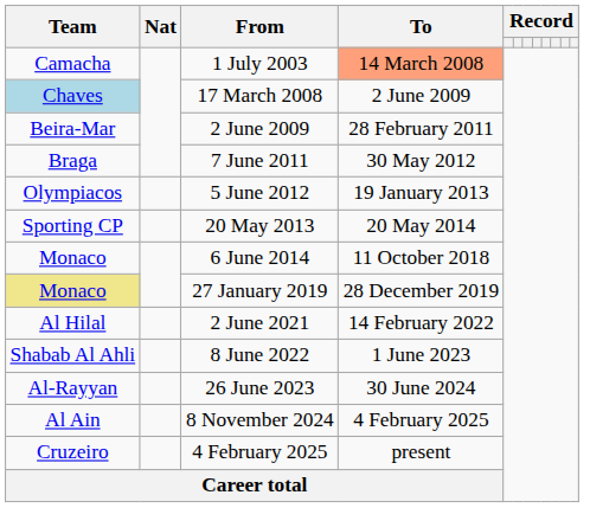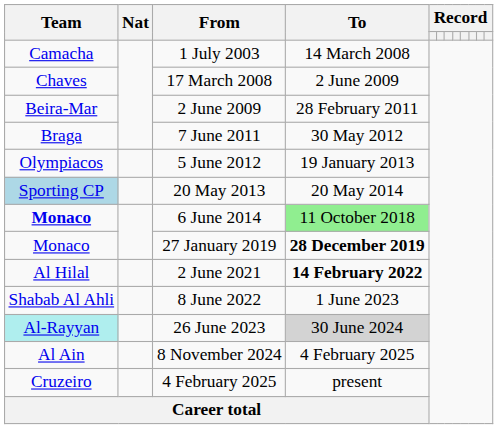 <table class="wikitable" style="text-align: center">
 <tr>
 <th rowspan=2>Team</th>
 <th rowspan=2>Nat</th>
 <th rowspan=2>From</th>
 <th rowspan=2>To</th>
 <th colspan=8>Record</th>
 </tr>
 <tr>
 <th></th>
 <th></th>
 <th></th>
 <th></th>
 <th></th>
 <th></th>
 <th></th>
 <th></th>
 </tr>
 <tr>
 <td><a href='#'>Camacha</a></td>
 <td rowspan="4"></td>
 <td>1 July 2003</td>
-<td style="background: lightsalmon;">14 March 2008<br></td>
+<td>14 March 2008<br></td>
 </tr>
 <tr>
-<td style="background: lightblue;"><a href='#'>Chaves</a></td>
+<td><a href='#'>Chaves</a></td>
 <td>17 March 2008</td>
 <td>2 June 2009<br></td>
 </tr>
 <tr>
 <td><a href='#'>Beira-Mar</a></td>
 <td>2 June 2009</td>
 <td>28 February 2011<br></td>
 </tr>
 <tr>
 <td><a href='#'>Braga</a></td>
 <td>7 June 2011</td>
 <td>30 May 2012<br></td>
 </tr>
 <tr>
 <td><a href='#'>Olympiacos</a></td>
 <td></td>
 <td>5 June 2012</td>
 <td>19 January 2013<br></td>
 </tr>
 <tr>
-<td><a href='#'>Sporting CP</a></td>
+<td style="background: lightblue;"><a href='#'>Sporting CP</a></td>
 <td></td>
 <td>20 May 2013</td>
 <td>20 May 2014<br></td>
 </tr>
 <tr>
-<td><a href='#'>Monaco</a></td>
+<td><strong><a href='#'>Monaco</a></strong></td>
 <td rowspan="2"></td>
 <td>6 June 2014</td>
-<td>11 October 2018<br></td>
+<td style="background: lightgreen;">11 October 2018<br></td>
 </tr>
 <tr>
-<td style="background: khaki;"><a href='#'>Monaco</a></td>
+<td><a href='#'>Monaco</a></td>
 <td>27 January 2019</td>
-<td>28 December 2019<br></td>
+<td><strong>28 December 2019<br></strong></td>
 </tr>
 <tr>
 <td><a href='#'>Al Hilal</a></td>
 <td></td>
 <td>2 June 2021</td>
-<td>14 February 2022<br></td>
+<td><strong>14 February 2022<br></strong></td>
 </tr>
 <tr>
 <td><a href='#'>Shabab Al Ahli</a></td>
 <td></td>
 <td>8 June 2022</td>
 <td>1 June 2023<br></td>
 </tr>
 <tr>
-<td><a href='#'>Al-Rayyan</a></td>
+<td style="background: paleturquoise;"><a href='#'>Al-Rayyan</a></td>
 <td></td>
 <td>26 June 2023</td>
-<td>30 June 2024<br></td>
+<td style="background: lightgrey;">30 June 2024<br></td>
 </tr>
 <tr>
 <td><a href='#'>Al Ain</a></td>
 <td></td>
 <td>8 November 2024</td>
 <td>4 February 2025<br></td>
 </tr>
 <tr>
 <td><a href='#'>Cruzeiro</a></td>
 <td></td>
 <td>4 February 2025</td>
 <td>present<br></td>
 </tr>
 <tr>
 <th colspan=4>Career total<br></th>
 </tr>
 </table>
